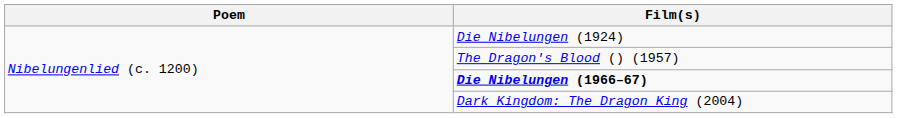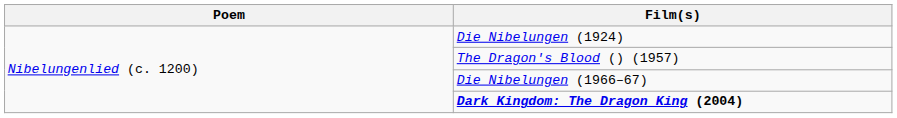 <table class="wikitable">
 <tr>
 <th width="600">Poem</th>
 <th width="600">Film(s)</th>
 </tr>
 <tr>
 <td rowspan="4"><em><a href='#'>Nibelungenlied</a></em> (c. 1200)</td>
 <td><em><a href='#'>Die Nibelungen</a></em> (1924)</td>
 </tr>
 <tr>
 <td><em><a href='#'>The Dragon's Blood</a></em> () (1957)</td>
 </tr>
 <tr>
-<td><strong><em><a href='#'>Die Nibelungen</a></em> (1966–67)</strong></td>
+<td><em><a href='#'>Die Nibelungen</a></em> (1966–67)</td>
 </tr>
 <tr>
-<td><em><a href='#'>Dark Kingdom: The Dragon King</a></em> (2004)</td>
+<td><strong><em><a href='#'>Dark Kingdom: The Dragon King</a></em> (2004)</strong></td>
 </tr>
 </table>
